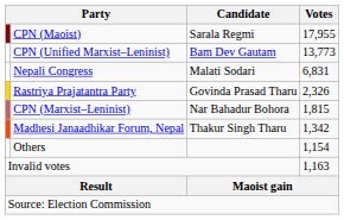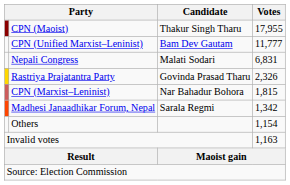 <table class="wikitable">
 <tr>
 <th colspan="2">Party</th>
 <th>Candidate</th>
 <th>Votes</th>
 </tr>
 <tr>
 <td style="background-color:darkred"></td>
 <td><a href='#'>CPN (Maoist)</a></td>
-<td>Sarala Regmi</td>
+<td>Thakur Singh Tharu</td>
 <td>17,955</td>
 </tr>
 <tr>
 <td style="background-color:"></td>
 <td><a href='#'>CPN (Unified Marxist–Leninist)</a></td>
 <td><a href='#'>Bam Dev Gautam</a></td>
-<td>13,773</td>
+<td>11,777</td>
 </tr>
 <tr>
 <td style="background-color:"></td>
 <td><a href='#'>Nepali Congress</a></td>
 <td>Malati Sodari</td>
 <td>6,831</td>
 </tr>
 <tr>
 <td style="background-color:gold"></td>
 <td><a href='#'>Rastriya Prajatantra Party</a></td>
 <td>Govinda Prasad Tharu</td>
 <td>2,326</td>
 </tr>
 <tr>
 <td style="background-color:indianred"></td>
 <td><a href='#'>CPN (Marxist–Leninist)</a></td>
 <td>Nar Bahadur Bohora</td>
 <td>1,815</td>
 </tr>
 <tr>
 <td style="background-color:orangered"></td>
 <td><a href='#'>Madhesi Janaadhikar Forum, Nepal</a></td>
-<td>Thakur Singh Tharu</td>
+<td>Sarala Regmi</td>
 <td>1,342</td>
 </tr>
 <tr>
 <td></td>
 <td>Others</td>
 <td></td>
 <td>1,154</td>
 </tr>
 <tr>
 <td colspan="3">Invalid votes</td>
 <td>1,163</td>
 </tr>
 <tr>
 <th colspan="2">Result</th>
 <th colspan="2">Maoist gain</th>
 </tr>
 <tr>
 <td colspan="4">Source: Election Commission</td>
 </tr>
 </table>
